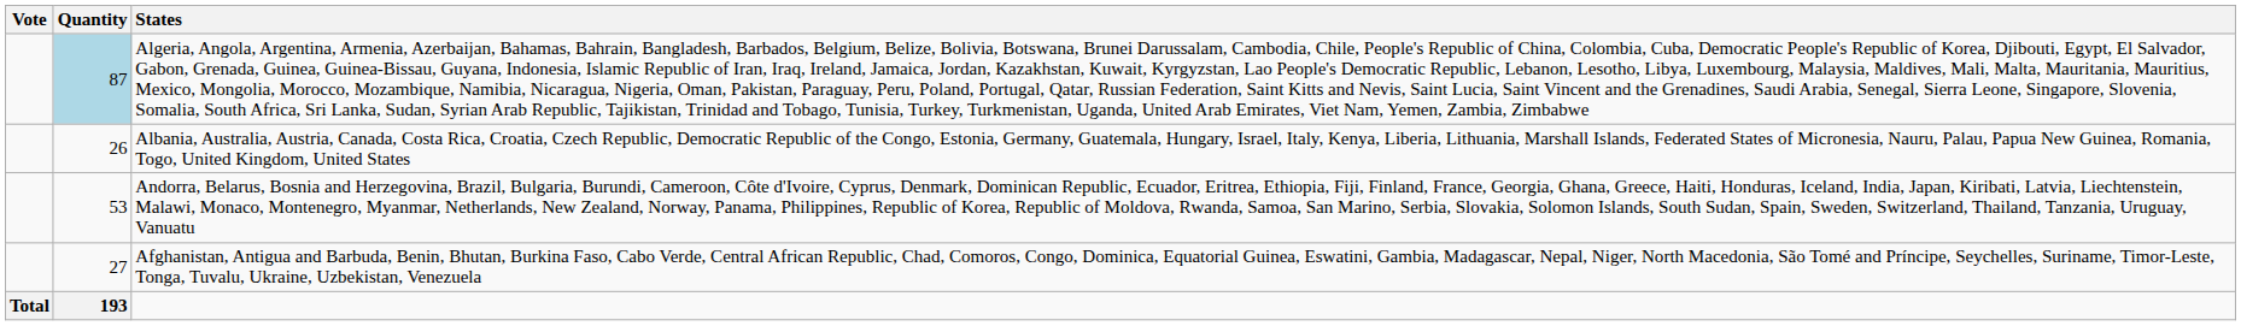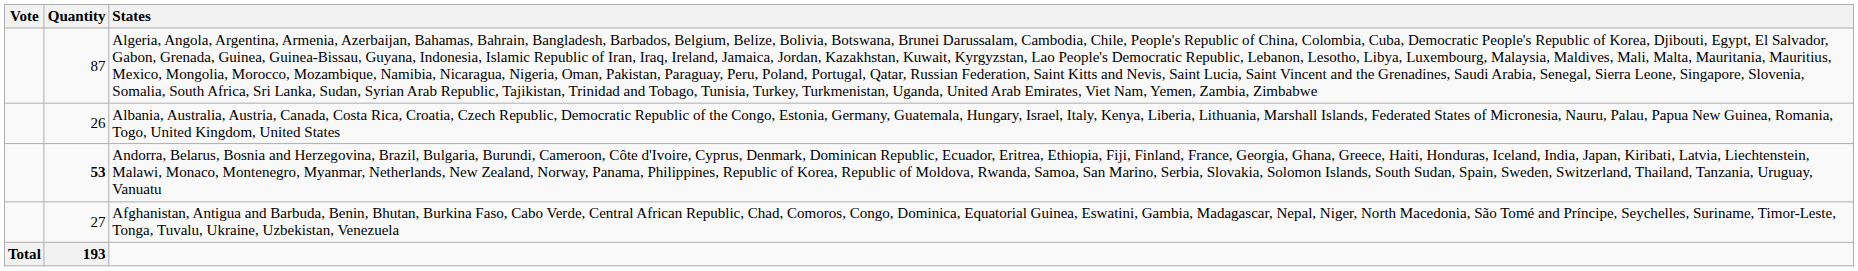 <table class="wikitable sortable">
 <tr>
 <th style="vertical-align: bottom">Vote</th>
 <th style="text-align: right; vertical-align: bottom;">Quantity</th>
 <th style="text-align: left; vertical-align: bottom">States</th>
 </tr>
 <tr>
 <td></td>
-<td style="background: lightblue; text-align: right">87</td>
+<td style="text-align: right">87</td>
 <td>Algeria, Angola, Argentina, Armenia, Azerbaijan, Bahamas, Bahrain, Bangladesh, Barbados, Belgium, Belize, Bolivia, Botswana, Brunei Darussalam, Cambodia, Chile, People's Republic of China, Colombia, Cuba, Democratic People's Republic of Korea, Djibouti, Egypt, El Salvador, Gabon, Grenada, Guinea, Guinea-Bissau, Guyana, Indonesia, Islamic Republic of Iran, Iraq, Ireland, Jamaica, Jordan, Kazakhstan, Kuwait, Kyrgyzstan, Lao People's Democratic Republic, Lebanon, Lesotho, Libya, Luxembourg, Malaysia, Maldives, Mali, Malta, Mauritania, Mauritius, Mexico, Mongolia, Morocco, Mozambique, Namibia, Nicaragua, Nigeria, Oman, Pakistan, Paraguay, Peru, Poland, Portugal, Qatar, Russian Federation, Saint Kitts and Nevis, Saint Lucia, Saint Vincent and the Grenadines, Saudi Arabia, Senegal, Sierra Leone, Singapore, Slovenia, Somalia, South Africa, Sri Lanka, Sudan, Syrian Arab Republic, Tajikistan, Trinidad and Tobago, Tunisia, Turkey, Turkmenistan, Uganda, United Arab Emirates, Viet Nam, Yemen, Zambia, Zimbabwe</td>
 </tr>
 <tr>
 <td></td>
 <td style="text-align: right">26</td>
 <td>Albania, Australia, Austria, Canada, Costa Rica, Croatia, Czech Republic, Democratic Republic of the Congo, Estonia, Germany, Guatemala, Hungary, Israel, Italy, Kenya, Liberia, Lithuania, Marshall Islands, Federated States of Micronesia, Nauru, Palau, Papua New Guinea, Romania, Togo, United Kingdom, United States</td>
 </tr>
 <tr>
 <td></td>
-<td style="text-align: right">53</td>
+<td style="text-align: right"><strong>53</strong></td>
 <td>Andorra, Belarus, Bosnia and Herzegovina, Brazil, Bulgaria, Burundi, Cameroon, Côte d'Ivoire, Cyprus, Denmark, Dominican Republic, Ecuador, Eritrea, Ethiopia, Fiji, Finland, France, Georgia, Ghana, Greece, Haiti, Honduras, Iceland, India, Japan, Kiribati, Latvia, Liechtenstein, Malawi, Monaco, Montenegro, Myanmar, Netherlands, New Zealand, Norway, Panama, Philippines, Republic of Korea, Republic of Moldova, Rwanda, Samoa, San Marino, Serbia, Slovakia, Solomon Islands, South Sudan, Spain, Sweden, Switzerland, Thailand, Tanzania, Uruguay, Vanuatu</td>
 </tr>
 <tr>
 <td></td>
 <td style="text-align: right">27</td>
 <td>Afghanistan, Antigua and Barbuda, Benin, Bhutan, Burkina Faso, Cabo Verde, Central African Republic, Chad, Comoros, Congo, Dominica, Equatorial Guinea, Eswatini, Gambia, Madagascar, Nepal, Niger, North Macedonia, São Tomé and Príncipe, Seychelles, Suriname, Timor-Leste, Tonga, Tuvalu, Ukraine, Uzbekistan, Venezuela</td>
 </tr>
 <tr>
 <th style="text-align: left">Total</th>
 <th style="text-align: right">193</th>
 </tr>
 </table>
